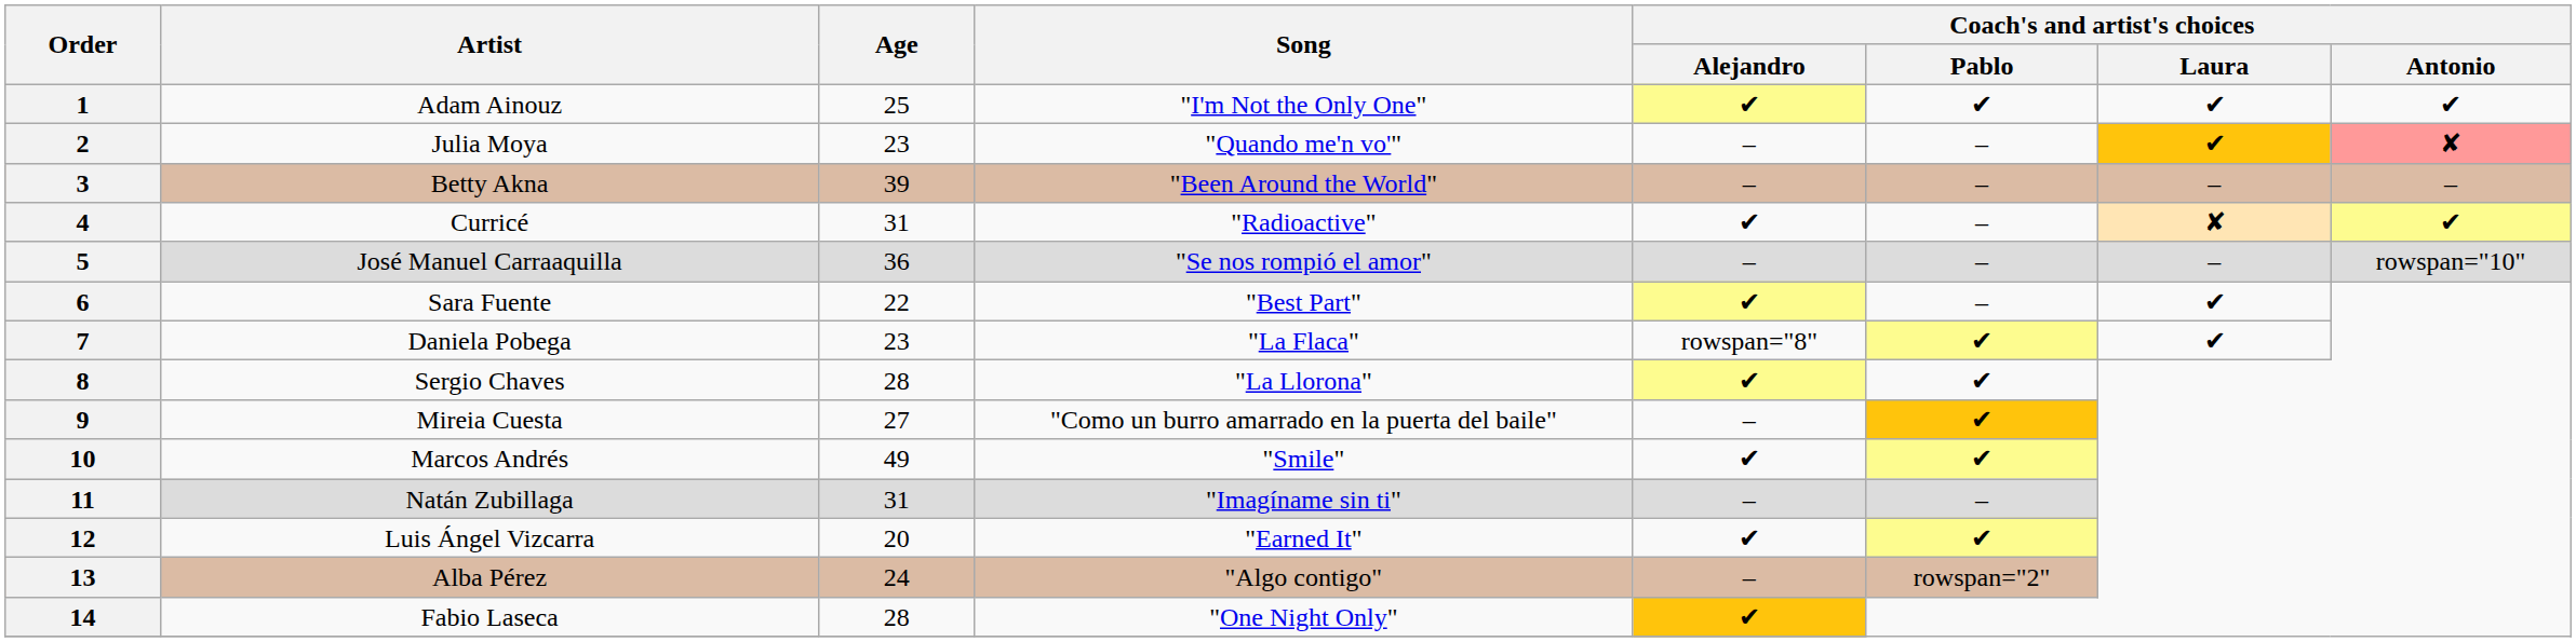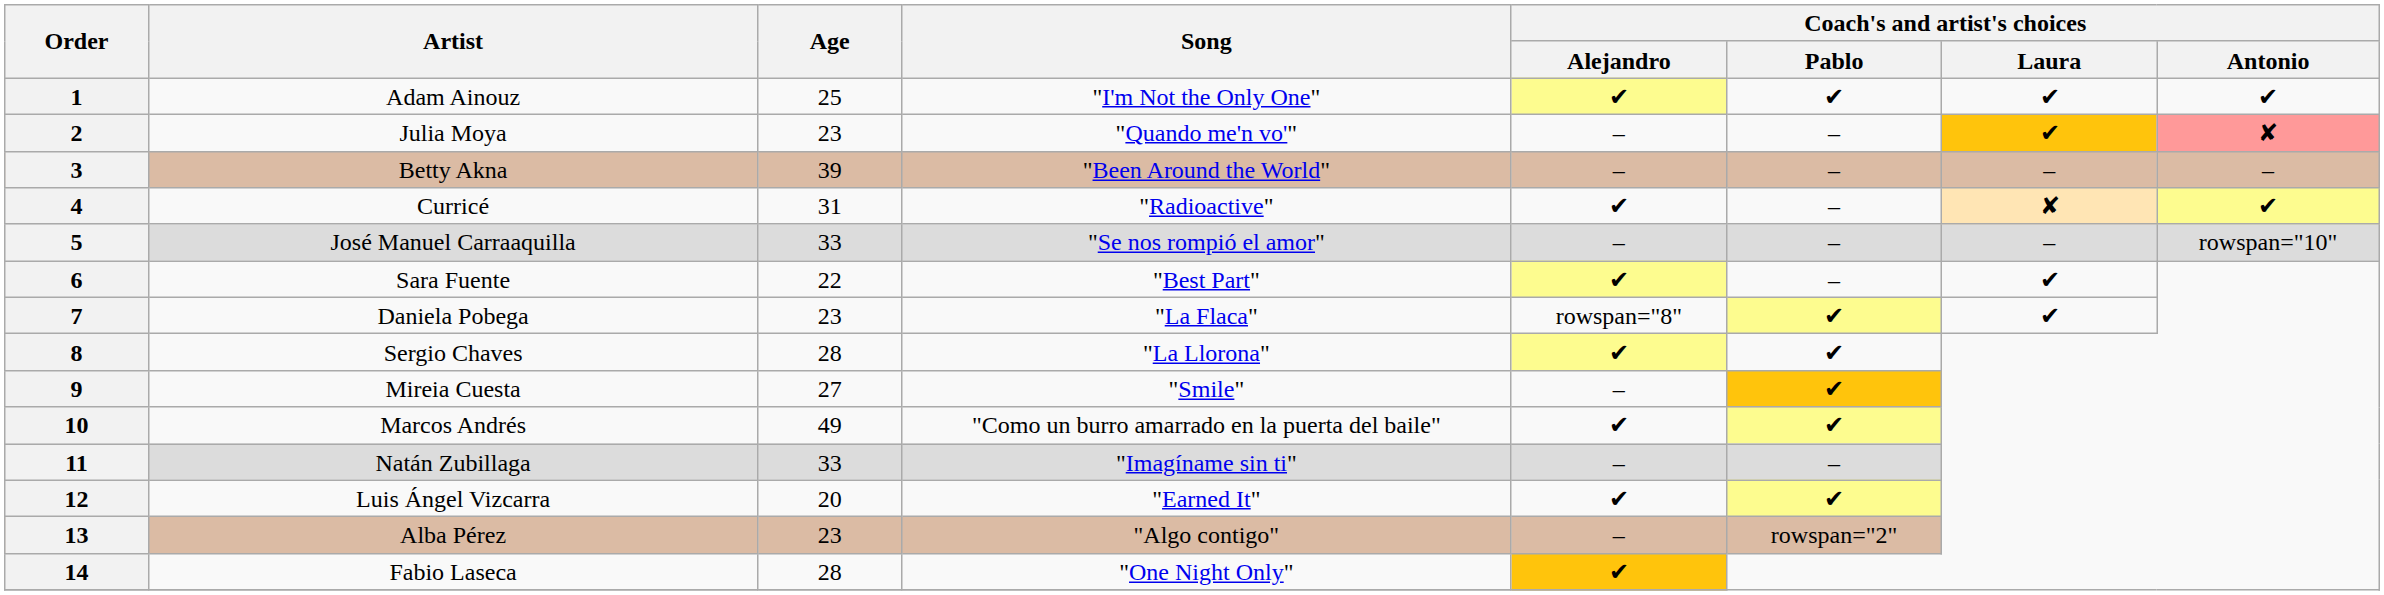 <table class="wikitable" style="text-align:center; line-height:17px; width:100%">
 <tr>
 <th scope="col" rowspan="2" style="width:04%">Order</th>
 <th scope="col" rowspan="2" style="width:17%">Artist</th>
 <th scope="col" rowspan="2" style="width:04%">Age</th>
 <th scope="col" rowspan="2" style="width:17%">Song</th>
 <th scope="col" colspan="4" style="width:24%">Coach's and artist's choices</th>
 </tr>
 <tr>
 <th style="width:06%">Alejandro</th>
 <th style="width:06%">Pablo</th>
 <th style="width:06%">Laura</th>
 <th style="width:06%">Antonio</th>
 </tr>
 <tr>
 <th>1</th>
 <td>Adam Ainouz</td>
 <td>25</td>
 <td>"<a href='#'>I'm Not the Only One</a>"</td>
 <td style="background:#fdfc8f">✔</td>
 <td>✔</td>
 <td>✔</td>
 <td>✔</td>
 </tr>
 <tr>
 <th>2</th>
 <td>Julia Moya</td>
 <td>23</td>
 <td>"<a href='#'>Quando me'n vo'</a>"</td>
 <td>–</td>
 <td>–</td>
 <td style="background:#ffc40c">✔</td>
 <td style="background:#ff9999">✘</td>
 </tr>
 <tr style="background:#dbbba4">
 <th>3</th>
 <td>Betty Akna</td>
 <td>39</td>
 <td>"<a href='#'>Been Around the World</a>"</td>
 <td>–</td>
 <td>–</td>
 <td>–</td>
 <td>–</td>
 </tr>
 <tr>
 <th>4</th>
 <td>Curricé</td>
 <td>31</td>
 <td>"<a href='#'>Radioactive</a>"</td>
 <td>✔</td>
 <td>–</td>
 <td style="background:#ffe5b4">✘</td>
 <td style="background:#fdfc8f">✔</td>
 </tr>
 <tr style="background:#dcdcdc">
 <th>5</th>
 <td>José Manuel Carraaquilla</td>
-<td>36</td>
+<td>33</td>
 <td>"<a href='#'>Se nos rompió el amor</a>"</td>
 <td>–</td>
 <td>–</td>
 <td>–</td>
 <td>rowspan="10" </td>
 </tr>
 <tr>
 <th>6</th>
 <td>Sara Fuente</td>
 <td>22</td>
 <td>"<a href='#'>Best Part</a>"</td>
 <td style="background:#fdfc8f">✔</td>
 <td>–</td>
 <td>✔</td>
 </tr>
 <tr>
 <th>7</th>
 <td>Daniela Pobega</td>
 <td>23</td>
 <td>"<a href='#'>La Flaca</a>"</td>
 <td>rowspan="8" </td>
 <td style="background:#fdfc8f">✔</td>
 <td>✔</td>
 </tr>
 <tr>
 <th>8</th>
 <td>Sergio Chaves</td>
 <td>28</td>
 <td>"<a href='#'>La Llorona</a>"</td>
 <td style="background:#fdfc8f">✔</td>
 <td>✔</td>
 </tr>
 <tr>
 <th>9</th>
 <td>Mireia Cuesta</td>
 <td>27</td>
-<td>"Como un burro amarrado en la puerta del baile"</td>
+<td>"<a href='#'>Smile</a>"</td>
 <td>–</td>
 <td style="background:#ffc40c">✔</td>
 </tr>
 <tr>
 <th>10</th>
 <td>Marcos Andrés</td>
 <td>49</td>
-<td>"<a href='#'>Smile</a>"</td>
+<td>"Como un burro amarrado en la puerta del baile"</td>
 <td>✔</td>
 <td style="background:#fdfc8f">✔</td>
 </tr>
 <tr style="background:#dcdcdc">
 <th>11</th>
 <td>Natán Zubillaga</td>
-<td>31</td>
+<td>33</td>
 <td>"<a href='#'>Imagíname sin ti</a>"</td>
 <td>–</td>
 <td>–</td>
 </tr>
 <tr>
 <th>12</th>
 <td>Luis Ángel Vizcarra</td>
 <td>20</td>
 <td>"<a href='#'>Earned It</a>"</td>
 <td>✔</td>
 <td style="background:#fdfc8f">✔</td>
 </tr>
 <tr style="background:#dbbba4">
 <th>13</th>
 <td>Alba Pérez</td>
-<td>24</td>
+<td>23</td>
 <td>"Algo contigo"</td>
 <td>–</td>
 <td>rowspan="2" </td>
 </tr>
 <tr>
 <th>14</th>
 <td>Fabio Laseca</td>
 <td>28</td>
 <td>"<a href='#'>One Night Only</a>"</td>
 <td style="background:#ffc40c">✔</td>
 </tr>
 <tr>
 </tr>
 </table>
